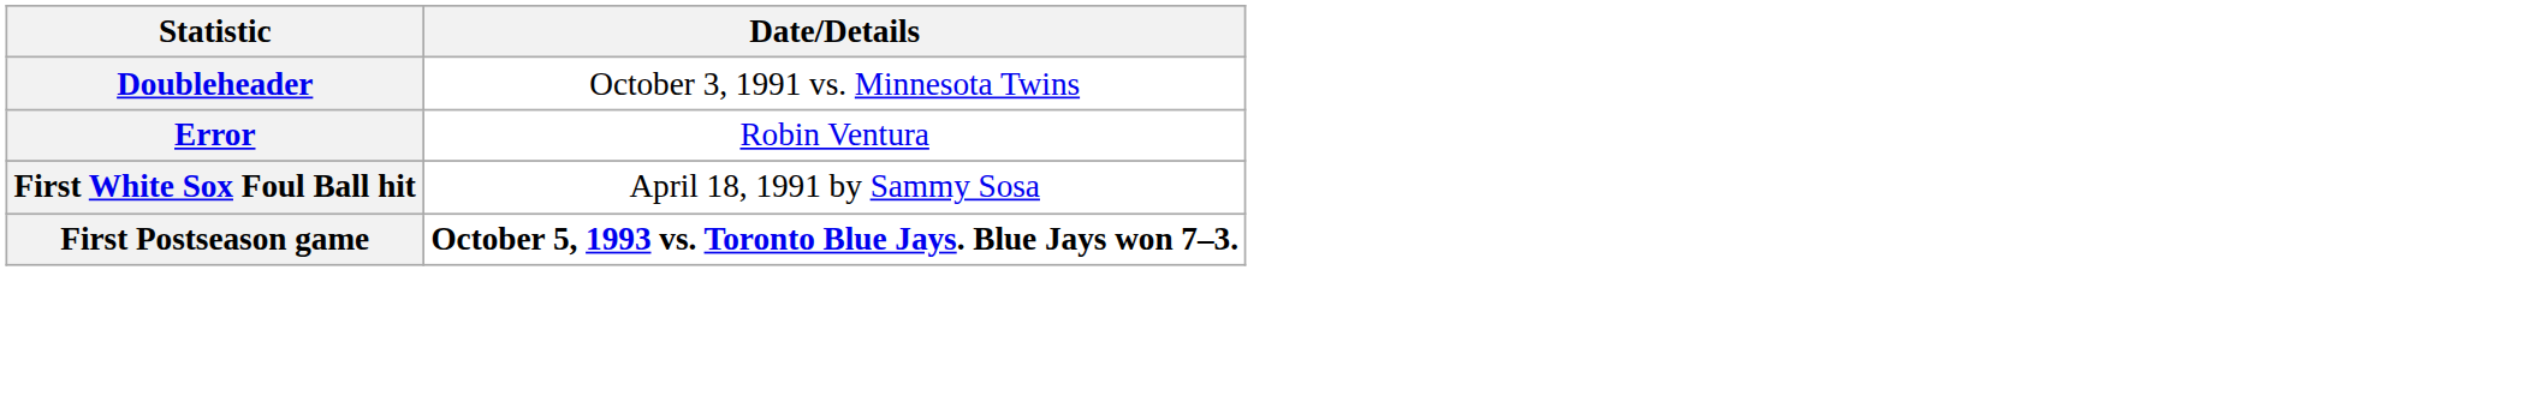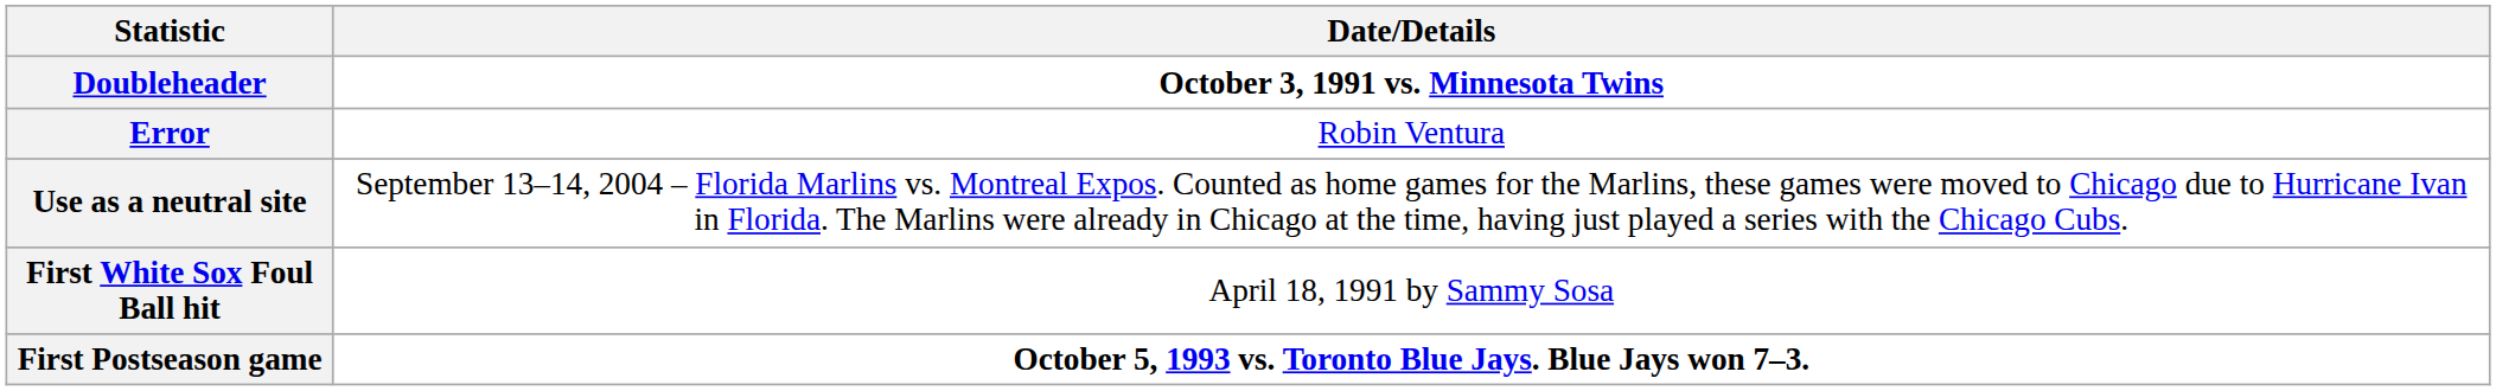 <table class="wikitable" align=center style="margin-left:15px; text-align:center; background:#ffffff;">
 <tr>
 <th>Statistic</th>
 <th>Date/Details</th>
 </tr>
 <tr>
 <th><a href='#'>Doubleheader</a></th>
-<td>October 3, 1991 vs. <a href='#'>Minnesota Twins</a></td>
+<td><strong>October 3, 1991 vs. <a href='#'>Minnesota Twins</a></strong></td>
 </tr>
 <tr>
 <th><a href='#'>Error</a></th>
 <td><a href='#'>Robin Ventura</a></td>
+</tr>
+<tr>
+<th>Use as a neutral site</th>
+<td>September 13–14, 2004 – <a href='#'>Florida Marlins</a> vs. <a href='#'>Montreal Expos</a>. Counted as home games for the Marlins, these games were moved to <a href='#'>Chicago</a> due to <a href='#'>Hurricane Ivan</a> in <a href='#'>Florida</a>. The Marlins were already in Chicago at the time, having just played a series with the <a href='#'>Chicago Cubs</a>.</td>
 </tr>
 <tr>
 <th>First <a href='#'>White Sox</a> Foul Ball hit</th>
 <td>April 18, 1991 by <a href='#'>Sammy Sosa</a></td>
 </tr>
 <tr>
 <th>First Postseason game</th>
 <td><strong>October 5, <a href='#'>1993</a> vs. <a href='#'>Toronto Blue Jays</a>. Blue Jays won 7–3.</strong></td>
 </tr>
 </table>
